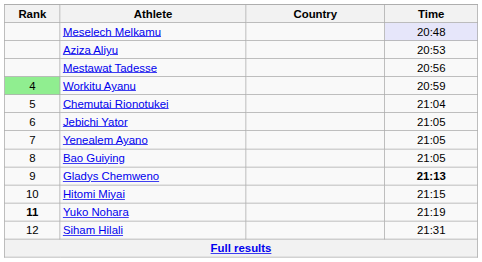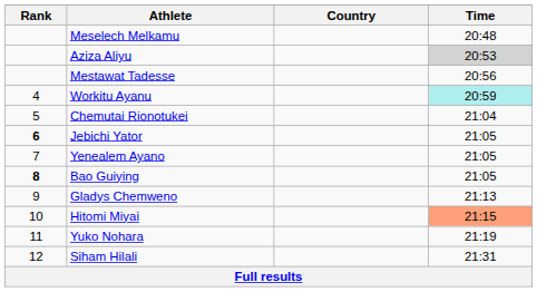 <table class="wikitable sortable" style=" text-align:center; font-size:95%;" width="50%">
 <tr>
 </tr>
 <tr>
 <th width=5%>Rank</th>
 <th width=20%>Athlete</th>
 <th width=15%>Country</th>
 <th width=10%>Time</th>
 </tr>
 <tr>
 <td align=center></td>
 <td align=left><a href='#'>Meselech Melkamu</a></td>
 <td align=left></td>
-<td style="background: lavender;">20:48</td>
+<td>20:48</td>
 </tr>
 <tr>
 <td align=center></td>
 <td align=left><a href='#'>Aziza Aliyu</a></td>
 <td align=left></td>
-<td>20:53</td>
+<td style="background: lightgrey;">20:53</td>
 </tr>
 <tr>
 <td align=center></td>
 <td align=left><a href='#'>Mestawat Tadesse</a></td>
 <td align=left></td>
 <td>20:56</td>
 </tr>
 <tr>
-<td align=center style="background: lightgreen;">4</td>
+<td align=center>4</td>
 <td align=left><a href='#'>Workitu Ayanu</a></td>
 <td align=left></td>
-<td>20:59</td>
+<td style="background: paleturquoise;">20:59</td>
 </tr>
 <tr>
 <td align=center>5</td>
 <td align=left><a href='#'>Chemutai Rionotukei</a></td>
 <td align=left></td>
 <td>21:04</td>
 </tr>
 <tr>
-<td align=center>6</td>
+<td align=center><strong>6</strong></td>
 <td align=left><a href='#'>Jebichi Yator</a></td>
 <td align=left></td>
 <td>21:05</td>
 </tr>
 <tr>
 <td align=center>7</td>
 <td align=left><a href='#'>Yenealem Ayano</a></td>
 <td align=left></td>
 <td>21:05</td>
 </tr>
 <tr>
-<td align=center>8</td>
+<td align=center><strong>8</strong></td>
 <td align=left><a href='#'>Bao Guiying</a></td>
 <td align=left></td>
 <td>21:05</td>
 </tr>
 <tr>
 <td align=center>9</td>
 <td align=left><a href='#'>Gladys Chemweno</a></td>
 <td align=left></td>
-<td><strong>21:13</strong></td>
+<td>21:13</td>
 </tr>
 <tr>
 <td align=center>10</td>
 <td align=left><a href='#'>Hitomi Miyai</a></td>
 <td align=left></td>
-<td>21:15</td>
+<td style="background: lightsalmon;">21:15</td>
 </tr>
 <tr>
-<td align=center><strong>11</strong></td>
+<td align=center>11</td>
 <td align=left><a href='#'>Yuko Nohara</a></td>
 <td align=left></td>
 <td>21:19</td>
 </tr>
 <tr>
 <td align=center>12</td>
 <td align=left><a href='#'>Siham Hilali</a></td>
 <td align=left></td>
 <td>21:31</td>
 </tr>
 <tr class="sortbottom">
 <th colspan=4 align=center><a href='#'>Full results</a></th>
 </tr>
 </table>
